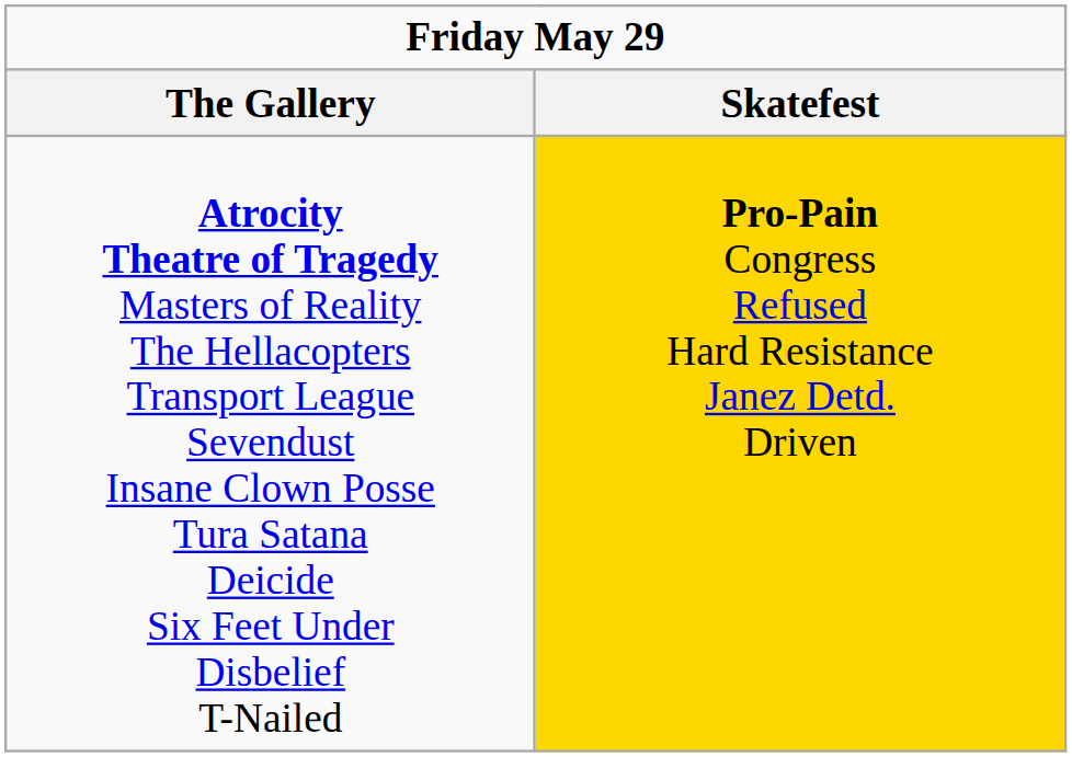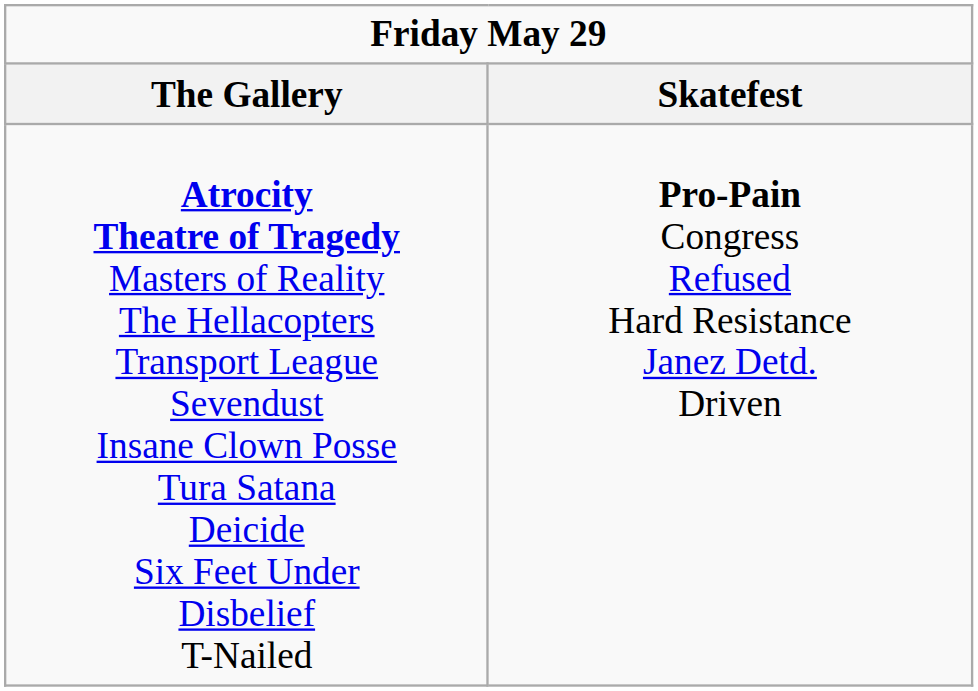 <table class="wikitable">
 <tr>
 <td colspan="3" align="center"><strong>Friday May 29</strong></td>
 </tr>
 <tr>
 <th>The Gallery</th>
 <th>Skatefest</th>
 </tr>
 <tr>
 <td valign="top" align="center" width=200><br><strong><a href='#'>Atrocity</a></strong> <br><strong><a href='#'>Theatre of Tragedy</a></strong> <br><a href='#'>Masters of Reality</a> <br><a href='#'>The Hellacopters</a> <br><a href='#'>Transport League</a> <br><a href='#'>Sevendust</a> <br><a href='#'>Insane Clown Posse</a> <br><a href='#'>Tura Satana</a> <br><a href='#'>Deicide</a> <br><a href='#'>Six Feet Under</a> <br><a href='#'>Disbelief</a> <br>T-Nailed</td>
-<td valign="top" align="center" width=200 style="background: gold;"><br><strong>Pro-Pain</strong> <br>Congress <br><a href='#'>Refused</a> <br>Hard Resistance <br><a href='#'>Janez Detd.</a> <br>Driven</td>
+<td valign="top" align="center" width=200><br><strong>Pro-Pain</strong> <br>Congress <br><a href='#'>Refused</a> <br>Hard Resistance <br><a href='#'>Janez Detd.</a> <br>Driven</td>
 </tr>
 </table>
